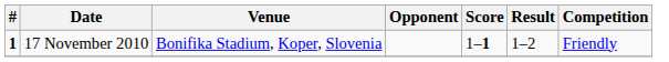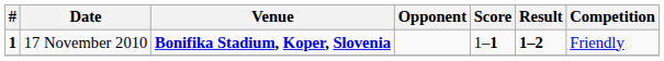 <table class="wikitable">
 <tr>
 <th>#</th>
 <th>Date</th>
 <th>Venue</th>
 <th>Opponent</th>
 <th>Score</th>
 <th>Result</th>
 <th>Competition</th>
 </tr>
 <tr>
 <td><strong>1</strong></td>
 <td>17 November 2010</td>
-<td><a href='#'>Bonifika Stadium</a>, <a href='#'>Koper</a>, <a href='#'>Slovenia</a></td>
+<td><strong><a href='#'>Bonifika Stadium</a>, <a href='#'>Koper</a>, <a href='#'>Slovenia</a></strong></td>
 <td></td>
 <td>1–<strong>1</strong></td>
-<td>1–2</td>
+<td><strong>1–2</strong></td>
 <td><a href='#'>Friendly</a></td>
 </tr>
 <tr>
 </tr>
 </table>
